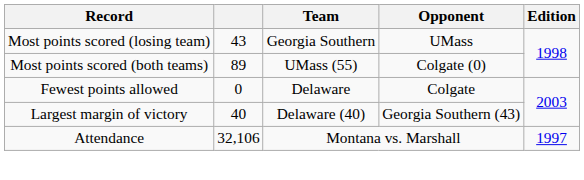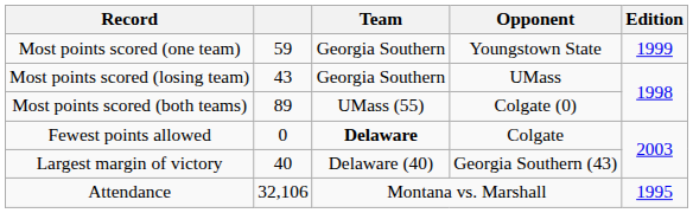 <table class="wikitable" style="text-align:center">
 <tr>
 <th width=px>Record</th>
 <th width=px></th>
 <th width=px>Team</th>
 <th width=px>Opponent</th>
 <th width=px>Edition</th>
+</tr>
+<tr>
+<td>Most points scored (one team)</td>
+<td>59</td>
+<td>Georgia Southern</td>
+<td>Youngstown State</td>
+<td><a href='#'>1999</a></td>
 </tr>
 <tr>
 <td>Most points scored (losing team)</td>
 <td>43</td>
 <td>Georgia Southern</td>
 <td>UMass</td>
 <td rowspan=2><a href='#'>1998</a></td>
 </tr>
 <tr>
 <td>Most points scored (both teams)</td>
 <td>89</td>
 <td>UMass (55)</td>
 <td>Colgate (0)</td>
 </tr>
 <tr>
 <td>Fewest points allowed</td>
 <td>0</td>
-<td>Delaware</td>
+<td><strong>Delaware</strong></td>
 <td>Colgate</td>
 <td rowspan=2><a href='#'>2003</a></td>
 </tr>
 <tr>
 <td>Largest margin of victory</td>
 <td>40</td>
 <td>Delaware (40)</td>
 <td>Georgia Southern (43)</td>
 </tr>
 <tr>
 <td>Attendance</td>
 <td>32,106</td>
 <td colspan=2>Montana vs. Marshall</td>
-<td><a href='#'>1997</a></td>
+<td><a href='#'>1995</a></td>
 </tr>
 </table>
